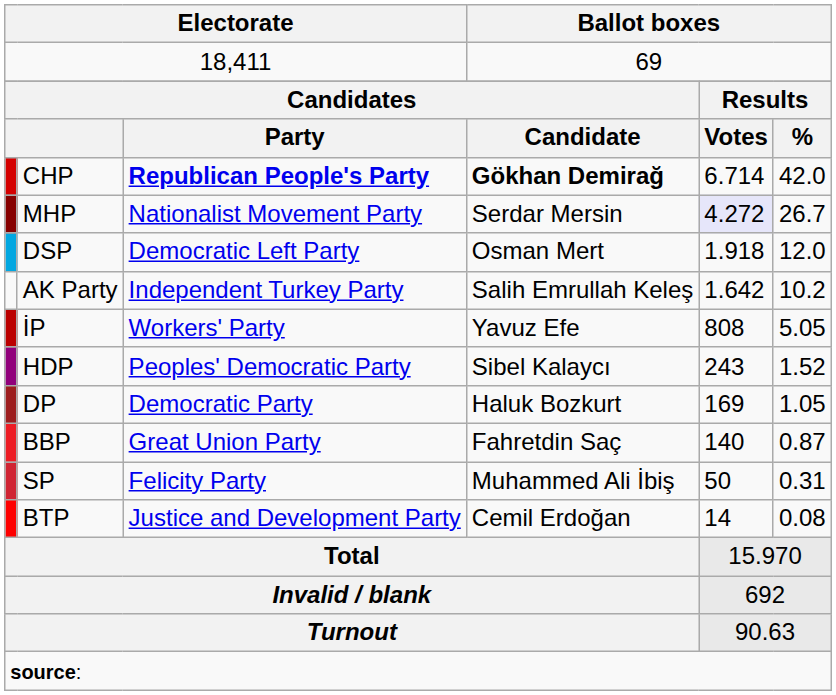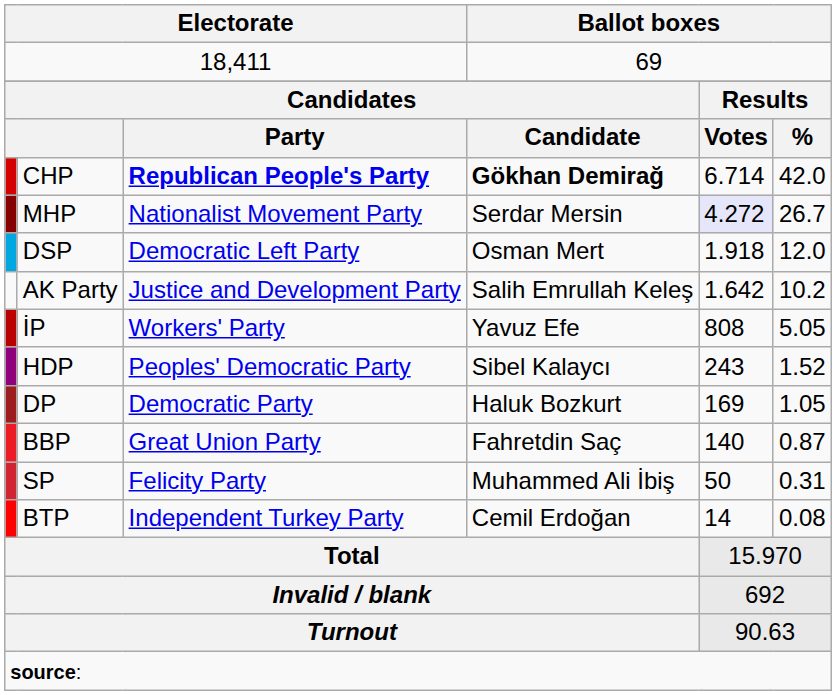 <table class="wikitable">
 <tr style="background-color:#F2F2F2">
 <td align="center" colspan="3"><strong>Electorate</strong></td>
 <td align="center" colspan="7"><strong>Ballot boxes</strong></td>
 </tr>
 <tr align="left">
 <td align="center" colspan="3">18,411</td>
 <td align="center" colspan="7">69</td>
 </tr>
 <tr>
 </tr>
 <tr style="background-color:#E9E9E9">
 </tr>
 <tr>
 <th align="center" colspan="4">Candidates</th>
 <th align="center" colspan="6">Results</th>
 </tr>
 <tr style="background-color:#E9E9E9">
 <th align="center" colspan="2"></th>
 <th align="center">Party</th>
 <th align="center">Candidate</th>
 <th align="center">Votes</th>
 <th align="center">%</th>
 </tr>
 <tr align="left">
 <td bgcolor="#d50000" width=1></td>
 <td>CHP</td>
 <td><strong><a href='#'>Republican People's Party</a></strong></td>
 <td><strong>Gökhan Demirağ</strong></td>
 <td>6.714</td>
 <td>42.0</td>
 </tr>
 <tr align="left">
 <td bgcolor="#870000" width=1></td>
 <td>MHP</td>
 <td><a href='#'>Nationalist Movement Party</a></td>
 <td>Serdar Mersin</td>
 <td style="background: lavender;">4.272</td>
 <td>26.7</td>
 </tr>
 <tr align="left">
 <td bgcolor="#01A7E1" width=1></td>
 <td>DSP</td>
 <td><a href='#'>Democratic Left Party</a></td>
 <td>Osman Mert</td>
 <td>1.918</td>
 <td>12.0</td>
 </tr>
 <tr align="left">
 <td></td>
 <td>AK Party</td>
-<td><a href='#'>Independent Turkey Party</a></td>
+<td><a href='#'>Justice and Development Party</a></td>
 <td>Salih Emrullah Keleş</td>
 <td>1.642</td>
 <td>10.2</td>
 </tr>
 <tr align="left">
 <td bgcolor="#BB0000" width=1></td>
 <td>İP</td>
 <td><a href='#'>Workers' Party</a></td>
 <td>Yavuz Efe</td>
 <td>808</td>
 <td>5.05</td>
 </tr>
 <tr align="left">
 <td bgcolor="#91007B" width=1></td>
 <td>HDP</td>
 <td><a href='#'>Peoples' Democratic Party</a></td>
 <td>Sibel Kalaycı</td>
 <td>243</td>
 <td>1.52</td>
 </tr>
 <tr align="left">
 <td bgcolor="#9D1D1E" width=1></td>
 <td>DP</td>
 <td><a href='#'>Democratic Party</a></td>
 <td>Haluk Bozkurt</td>
 <td>169</td>
 <td>1.05</td>
 </tr>
 <tr align="left">
 <td bgcolor="#ED1C24" width=1></td>
 <td>BBP</td>
 <td><a href='#'>Great Union Party</a></td>
 <td>Fahretdin Saç</td>
 <td>140</td>
 <td>0.87</td>
 </tr>
 <tr align="left">
 <td bgcolor="#D02433" width=1></td>
 <td>SP</td>
 <td><a href='#'>Felicity Party</a></td>
 <td>Muhammed Ali İbiş</td>
 <td>50</td>
 <td>0.31</td>
 </tr>
 <tr align="left">
 <td bgcolor="#FE0000" width=1></td>
 <td>BTP</td>
-<td><a href='#'>Justice and Development Party</a></td>
+<td><a href='#'>Independent Turkey Party</a></td>
 <td>Cemil Erdoğan</td>
 <td>14</td>
 <td>0.08</td>
 </tr>
 <tr style="background-color:#E9E9E9" align="left">
 <th align="center" colspan="4"><strong>Total</strong></th>
 <td align="center" colspan="5">15.970</td>
 </tr>
 <tr style="background-color:#E9E9E9" align="left">
 <th align="center" colspan="4"><em>Invalid / blank</em></th>
 <td align="center" colspan="5">692</td>
 </tr>
 <tr style="background-color:#E9E9E9" align="left">
 <th align="center" colspan="4"><em>Turnout</em></th>
 <td align="center" colspan="5">90.63</td>
 </tr>
 <tr>
 <td align="left" colspan=10><small><strong>source</strong>: </small></td>
 </tr>
 </table>
